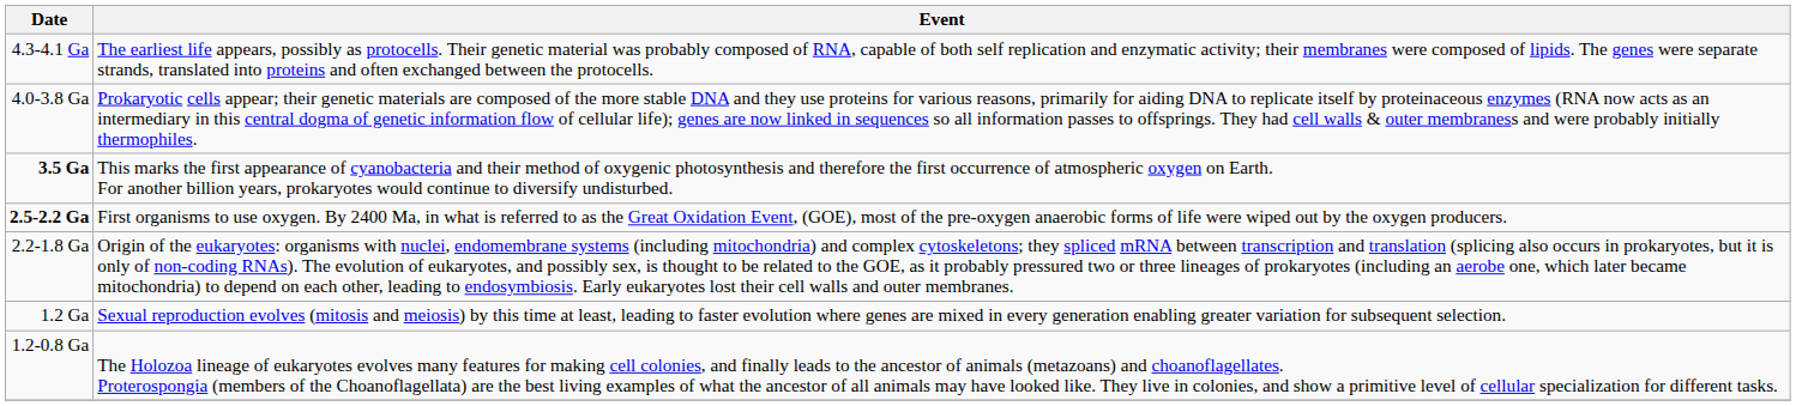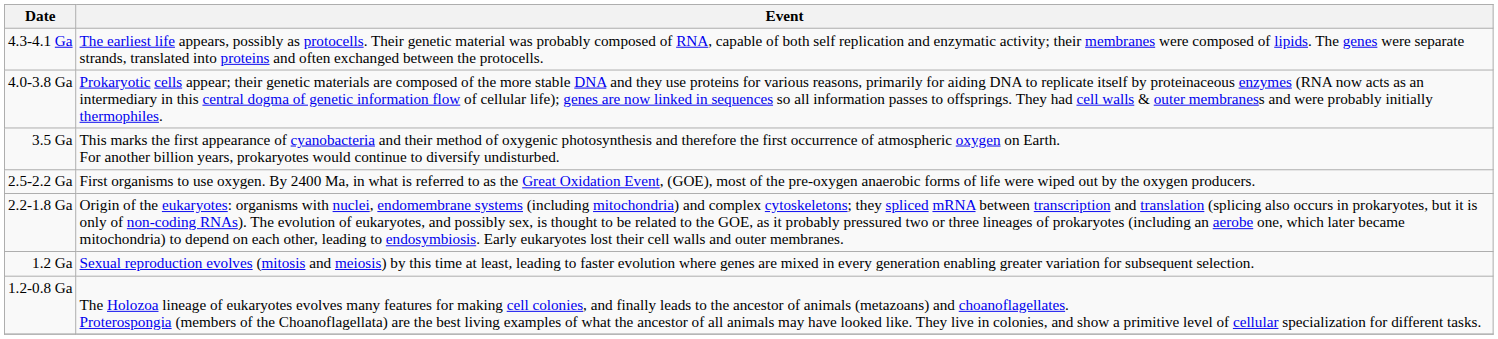 <table class="wikitable">
 <tr>
 <th scope="col">Date</th>
 <th scope="col">Event</th>
 </tr>
 <tr>
 <td style="vertical-align: top; text-align: right; white-space: nowrap;">4.3-4.1 <a href='#'>Ga</a><br></td>
 <td style="vertical-align: top;"><a href='#'>The earliest life</a> appears, possibly as <a href='#'>protocells</a>. Their genetic material was probably composed of <a href='#'>RNA</a>, capable of both self replication and enzymatic activity; their <a href='#'>membranes</a> were composed of <a href='#'>lipids</a>. The <a href='#'>genes</a> were separate strands, translated into <a href='#'>proteins</a> and often exchanged between the protocells.<br></td>
 </tr>
 <tr>
 <td style="vertical-align: top; text-align: right; white-space: nowrap;">4.0-3.8 Ga</td>
 <td><a href='#'>Prokaryotic</a> <a href='#'>cells</a> appear; their genetic materials are composed of the more stable <a href='#'>DNA</a> and they use proteins for various reasons, primarily for aiding DNA to replicate itself by proteinaceous <a href='#'>enzymes</a> (RNA now acts as an intermediary in this <a href='#'>central dogma of genetic information flow</a> of cellular life); <a href='#'>genes are now linked in sequences</a> so all information passes to offsprings. They had <a href='#'>cell walls</a> & <a href='#'>outer membranes</a>s and were probably initially <a href='#'>thermophiles</a>.<br></td>
 </tr>
 <tr>
-<td style="vertical-align: top; text-align: right; white-space: nowrap;"><strong>3.5 Ga</strong></td>
+<td style="vertical-align: top; text-align: right; white-space: nowrap;">3.5 Ga</td>
 <td>This marks the first appearance of <a href='#'>cyanobacteria</a> and their method of oxygenic photosynthesis and therefore the first occurrence of atmospheric <a href='#'>oxygen</a> on Earth.<br>For another billion years, prokaryotes would continue to diversify undisturbed.<br></td>
 </tr>
 <tr>
-<td style="vertical-align: top; text-align: right; white-space: nowrap;"><strong>2.5-2.2 Ga</strong></td>
+<td style="vertical-align: top; text-align: right; white-space: nowrap;">2.5-2.2 Ga</td>
 <td>First organisms to use oxygen. By 2400 Ma, in what is referred to as the <a href='#'>Great Oxidation Event</a>, (GOE), most of the pre-oxygen anaerobic forms of life were wiped out by the oxygen producers.<br></td>
 </tr>
 <tr>
 <td style="vertical-align: top; text-align: right; white-space: nowrap;">2.2-1.8 Ga</td>
 <td>Origin of the <a href='#'>eukaryotes</a>: organisms with <a href='#'>nuclei</a>, <a href='#'>endomembrane systems</a> (including <a href='#'>mitochondria</a>) and complex <a href='#'>cytoskeletons</a>; they <a href='#'>spliced</a> <a href='#'>mRNA</a> between <a href='#'>transcription</a> and <a href='#'>translation</a> (splicing also occurs in prokaryotes, but it is only of <a href='#'>non-coding RNAs</a>). The evolution of eukaryotes, and possibly sex, is thought to be related to the GOE, as it probably pressured two or three lineages of prokaryotes (including an <a href='#'>aerobe</a> one, which later became mitochondria) to depend on each other, leading to <a href='#'>endosymbiosis</a>. Early eukaryotes lost their cell walls and outer membranes.<br></td>
 </tr>
 <tr>
 <td style="vertical-align: top; text-align: right; white-space: nowrap;">1.2 Ga</td>
 <td><a href='#'>Sexual reproduction evolves</a> (<a href='#'>mitosis</a> and <a href='#'>meiosis</a>) by this time at least, leading to faster evolution where genes are mixed in every generation enabling greater variation for subsequent selection.</td>
 </tr>
 <tr>
 <td style="vertical-align: top; text-align: right; white-space: nowrap;">1.2-0.8 Ga</td>
 <td><br>The <a href='#'>Holozoa</a> lineage of eukaryotes evolves many features for making <a href='#'>cell colonies</a>, and finally leads to the ancestor of animals (metazoans) and <a href='#'>choanoflagellates</a>.<br><a href='#'>Proterospongia</a> (members of the Choanoflagellata) are the best living examples of what the ancestor of all animals may have looked like. They live in colonies, and show a primitive level of <a href='#'>cellular</a> specialization for different tasks.</td>
 </tr>
 <tr>
 </tr>
 </table>
